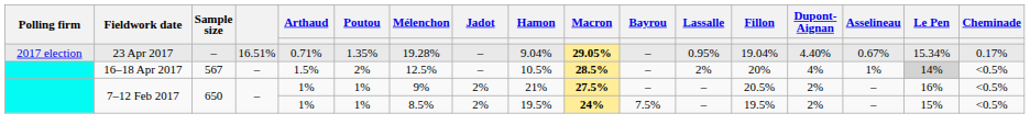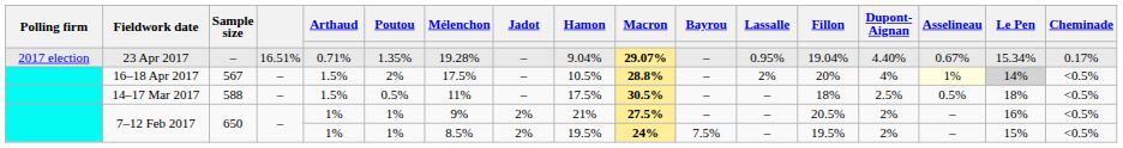 <table class="wikitable sortable" style="text-align:center;font-size:90%;line-height:14px;">
 <tr style="height:40px;">
 <th style="width:100px;" rowspan="2">Polling firm</th>
 <th style="width:110px;" rowspan="2">Fieldwork date</th>
 <th style="width:35px;" rowspan="2">Sample<br>size</th>
 <th style="width:30px;" rowspan="2"></th>
 <th class="unsortable" style="width:60px;"><a href='#'>Arthaud</a><br></th>
 <th class="unsortable" style="width:60px;"><a href='#'>Poutou</a><br></th>
 <th class="unsortable" style="width:60px;"><a href='#'>Mélenchon</a><br></th>
 <th class="unsortable" style="width:60px;"><a href='#'>Jadot</a><br></th>
 <th class="unsortable" style="width:60px;"><a href='#'>Hamon</a><br></th>
 <th class="unsortable" style="width:60px;"><a href='#'>Macron</a><br></th>
 <th class="unsortable" style="width:60px;"><a href='#'>Bayrou</a><br></th>
 <th class="unsortable" style="width:60px;"><a href='#'>Lassalle</a><br></th>
 <th class="unsortable" style="width:60px;"><a href='#'>Fillon</a><br></th>
 <th class="unsortable" style="width:60px;"><a href='#'>Dupont-Aignan</a><br></th>
 <th class="unsortable" style="width:60px;"><a href='#'>Asselineau</a><br></th>
 <th class="unsortable" style="width:60px;"><a href='#'>Le Pen</a><br></th>
 <th class="unsortable" style="width:60px;"><a href='#'>Cheminade</a><br></th>
 </tr>
 <tr>
 <th style="background:"></th>
 <th style="background:"></th>
 <th style="background:"></th>
 <th style="background:"></th>
 <th style="background:"></th>
 <th style="background:"></th>
 <th style="background:"></th>
 <th style="background:"></th>
 <th style="background:"></th>
 <th style="background:"></th>
 <th style="background:"></th>
 <th style="background:"></th>
 <th style="background:"></th>
 </tr>
 <tr style="background:#E9E9E9;">
 <td><a href='#'>2017 election</a></td>
 <td data-sort-value="2017-04-23">23 Apr 2017</td>
 <td>–</td>
 <td>16.51%</td>
 <td>0.71%</td>
 <td>1.35%</td>
 <td>19.28%</td>
 <td>–</td>
 <td>9.04%</td>
-<td style="background:#FFED99;"><strong>29.05%</strong></td>
+<td style="background:#FFED99;"><strong>29.07%</strong></td>
 <td>–</td>
 <td>0.95%</td>
 <td>19.04%</td>
 <td>4.40%</td>
 <td>0.67%</td>
 <td>15.34%</td>
 <td>0.17%</td>
 </tr>
 <tr>
 <td style="background:#04FBF4;"></td>
 <td data-sort-value="2017-04-18">16–18 Apr 2017</td>
 <td>567</td>
 <td>–</td>
 <td>1.5%</td>
 <td>2%</td>
-<td>12.5%</td>
+<td>17.5%</td>
 <td>–</td>
 <td>10.5%</td>
-<td style="background:#FFED99;"><strong>28.5%</strong></td>
+<td style="background:#FFED99;"><strong>28.8%</strong></td>
 <td>–</td>
 <td>2%</td>
 <td>20%</td>
 <td>4%</td>
-<td>1%</td>
+<td style="background: lightyellow;">1%</td>
 <td style="background: lightgrey;">14%</td>
+<td data-sort-value="0%"><0.5%</td>
+</tr>
+<tr>
+<td style="background:#04FBF4;"></td>
+<td data-sort-value="2017-03-17">14–17 Mar 2017</td>
+<td>588</td>
+<td>–</td>
+<td>1.5%</td>
+<td>0.5%</td>
+<td>11%</td>
+<td>–</td>
+<td>17.5%</td>
+<td style="background:#FFED99;"><strong>30.5%</strong></td>
+<td>–</td>
+<td>–</td>
+<td>18%</td>
+<td>2.5%</td>
+<td>0.5%</td>
+<td>18%</td>
 <td data-sort-value="0%"><0.5%</td>
 </tr>
 <tr>
 <td rowspan="2" style="background:#04FBF4;"></td>
 <td rowspan="2" data-sort-value="2017-02-12">7–12 Feb 2017</td>
 <td rowspan="2">650</td>
 <td rowspan="2">–</td>
 <td>1%</td>
 <td>1%</td>
 <td>9%</td>
 <td>2%</td>
 <td>21%</td>
 <td style="background:#FFED99;"><strong>27.5%</strong></td>
 <td>–</td>
 <td>–</td>
 <td>20.5%</td>
 <td>2%</td>
 <td>–</td>
 <td>16%</td>
 <td data-sort-value="0%"><0.5%</td>
 </tr>
 <tr>
 <td>1%</td>
 <td>1%</td>
 <td>8.5%</td>
 <td>2%</td>
 <td>19.5%</td>
 <td style="background:#FFED99;"><strong>24%</strong></td>
 <td>7.5%</td>
 <td>–</td>
 <td>19.5%</td>
 <td>2%</td>
 <td>–</td>
 <td>15%</td>
 <td data-sort-value="0%"><0.5%</td>
 </tr>
 </table>
